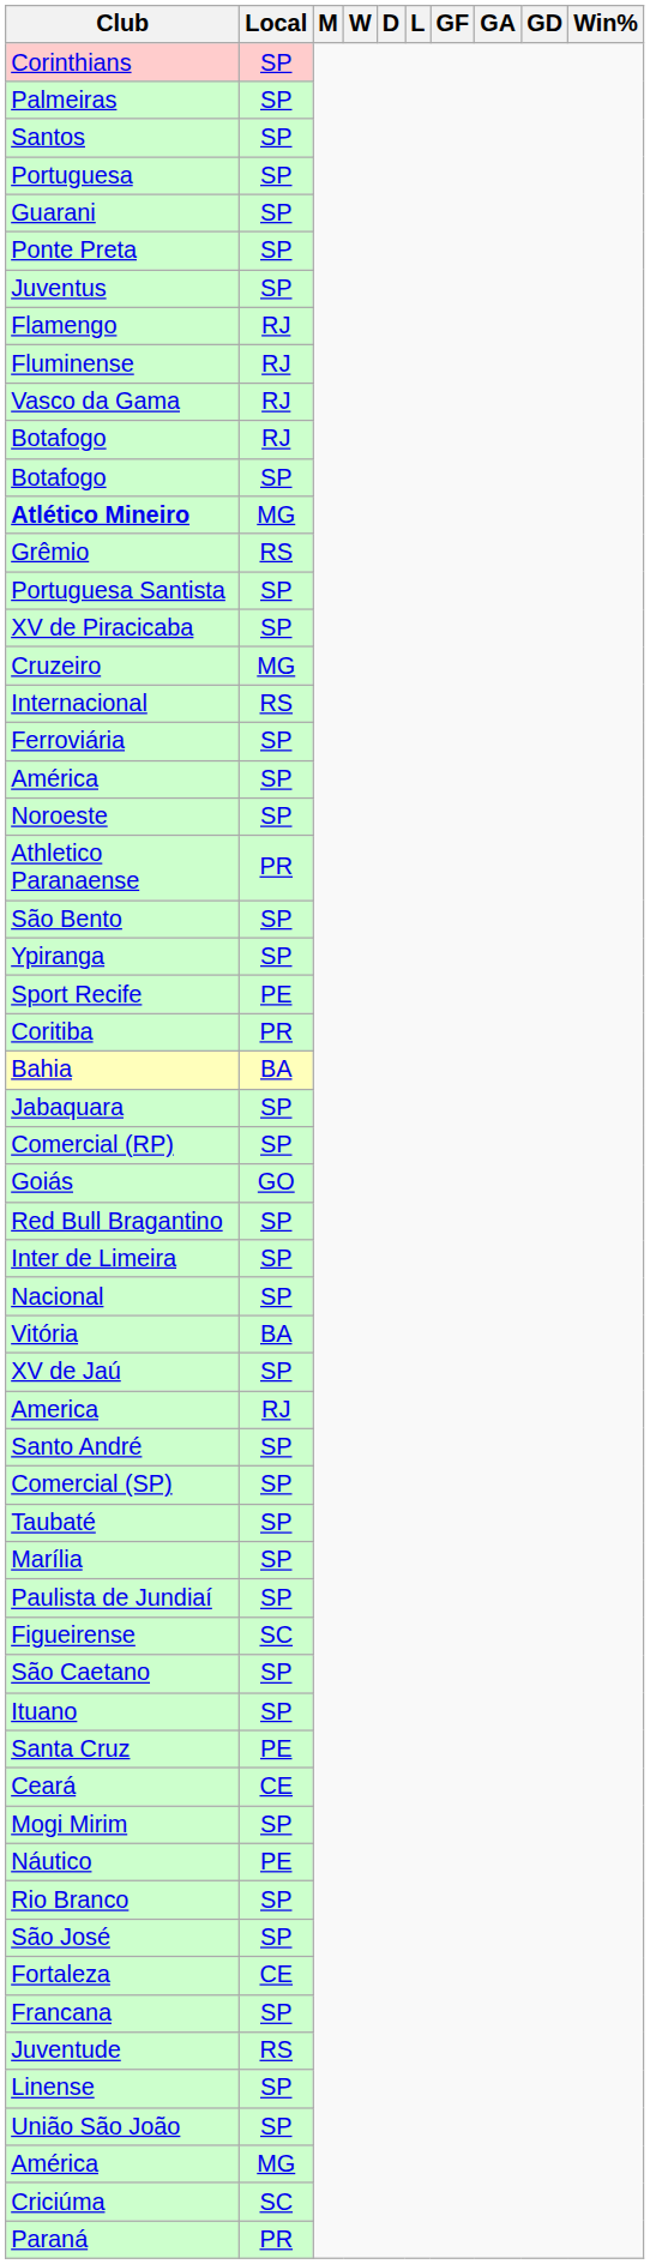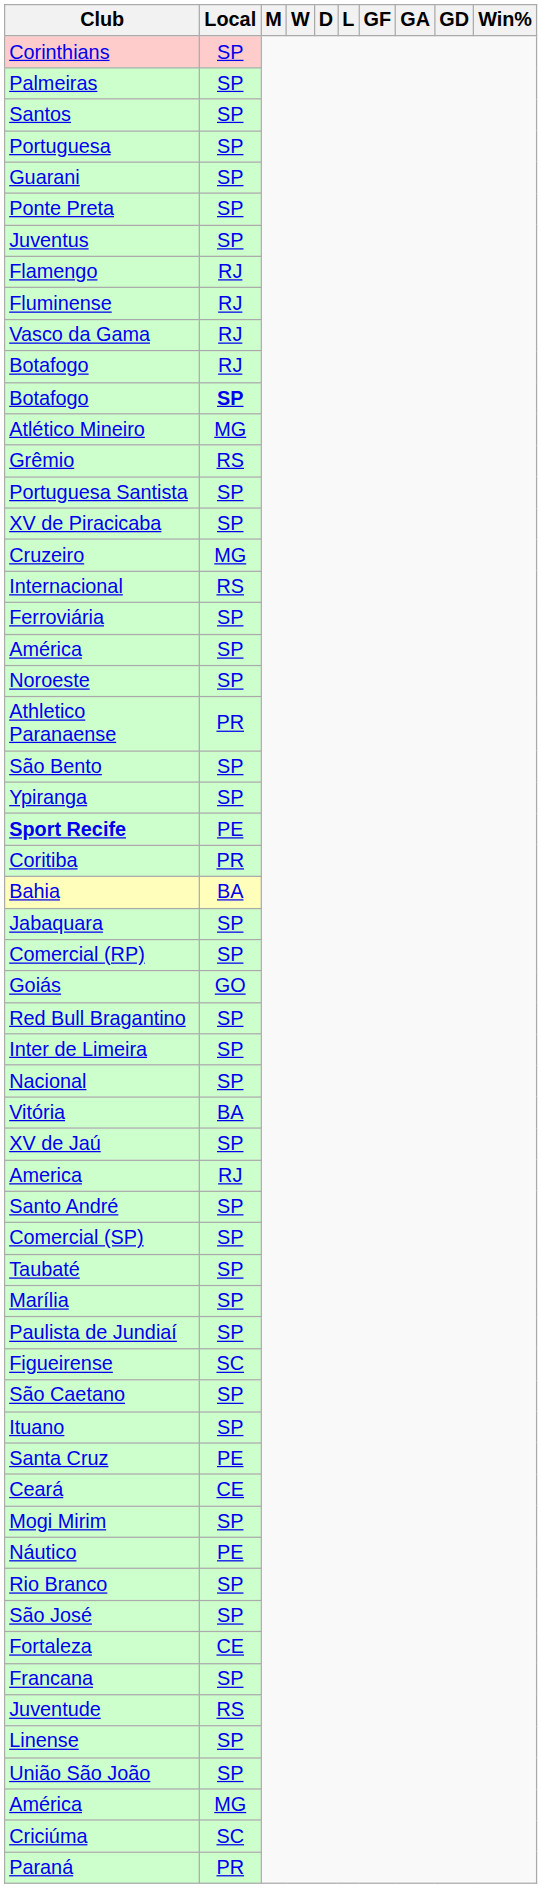 <table class="wikitable plainrowheaders sortable">
 <tr>
 <th width=150px scope="col">Club</th>
 <th scope="col">Local</th>
 <th scope="col">M</th>
 <th scope="col">W</th>
 <th scope="col">D</th>
 <th scope="col">L</th>
 <th scope="col">GF</th>
 <th scope="col">GA</th>
 <th scope="col">GD</th>
 <th scope="col">Win%</th>
 </tr>
 <tr style="background-color:#fcc">
 <td scope="row"><a href='#'>Corinthians</a> </td>
 <td align=center> <a href='#'>SP</a><br></td>
 </tr>
 <tr style="background-color:#cfc">
 <td scope="row"><a href='#'>Palmeiras</a> </td>
 <td align=center> <a href='#'>SP</a><br></td>
 </tr>
 <tr style="background-color:#cfc">
 <td scope="row"><a href='#'>Santos</a> </td>
 <td align=center> <a href='#'>SP</a><br></td>
 </tr>
 <tr style="background-color:#cfc">
 <td scope="row"><a href='#'>Portuguesa</a></td>
 <td align=center> <a href='#'>SP</a><br></td>
 </tr>
 <tr style="background-color:#cfc">
 <td scope="row"><a href='#'>Guarani</a></td>
 <td align=center> <a href='#'>SP</a><br></td>
 </tr>
 <tr style="background-color:#cfc">
 <td scope="row"><a href='#'>Ponte Preta</a></td>
 <td align=center> <a href='#'>SP</a><br></td>
 </tr>
 <tr style="background-color:#cfc">
 <td scope="row"><a href='#'>Juventus</a></td>
 <td align=center> <a href='#'>SP</a><br></td>
 </tr>
 <tr style="background-color:#cfc">
 <td scope="row"><a href='#'>Flamengo</a></td>
 <td align=center> <a href='#'>RJ</a><br></td>
 </tr>
 <tr style="background-color:#cfc">
 <td scope="row"><a href='#'>Fluminense</a></td>
 <td align=center> <a href='#'>RJ</a><br></td>
 </tr>
 <tr style="background-color:#cfc">
 <td scope="row"><a href='#'>Vasco da Gama</a></td>
 <td align=center> <a href='#'>RJ</a><br></td>
 </tr>
 <tr style="background-color:#cfc">
 <td scope="row"><a href='#'>Botafogo</a></td>
 <td align=center> <a href='#'>RJ</a><br></td>
 </tr>
 <tr style="background-color:#cfc">
 <td scope="row"><a href='#'>Botafogo</a></td>
-<td align=center> <a href='#'>SP</a><br></td>
+<td align=center><strong> <a href='#'>SP</a><br></strong></td>
 </tr>
 <tr style="background-color:#cfc">
-<td scope="row"><strong><a href='#'>Atlético Mineiro</a></strong></td>
+<td scope="row"><a href='#'>Atlético Mineiro</a></td>
 <td align=center> <a href='#'>MG</a><br></td>
 </tr>
 <tr style="background-color:#cfc">
 <td scope="row"><a href='#'>Grêmio</a></td>
 <td align=center> <a href='#'>RS</a><br></td>
 </tr>
 <tr style="background-color:#cfc">
 <td scope="row"><a href='#'>Portuguesa Santista</a></td>
 <td align=center> <a href='#'>SP</a><br></td>
 </tr>
 <tr style="background-color:#cfc">
 <td scope="row"><a href='#'>XV de Piracicaba</a></td>
 <td align=center> <a href='#'>SP</a><br></td>
 </tr>
 <tr style="background-color:#cfc">
 <td scope="row"><a href='#'>Cruzeiro</a></td>
 <td align=center> <a href='#'>MG</a><br></td>
 </tr>
 <tr style="background-color:#cfc">
 <td scope="row"><a href='#'>Internacional</a></td>
 <td align=center> <a href='#'>RS</a><br></td>
 </tr>
 <tr style="background-color:#cfc">
 <td scope="row"><a href='#'>Ferroviária</a></td>
 <td align=center> <a href='#'>SP</a><br></td>
 </tr>
 <tr style="background-color:#cfc">
 <td scope="row"><a href='#'>América</a></td>
 <td align=center> <a href='#'>SP</a><br></td>
 </tr>
 <tr style="background-color:#cfc">
 <td scope="row"><a href='#'>Noroeste</a></td>
 <td align=center> <a href='#'>SP</a><br></td>
 </tr>
 <tr style="background-color:#cfc">
 <td scope="row"><a href='#'>Athletico Paranaense</a></td>
 <td align=center> <a href='#'>PR</a><br></td>
 </tr>
 <tr style="background-color:#cfc">
 <td scope="row"><a href='#'>São Bento</a></td>
 <td align=center> <a href='#'>SP</a><br></td>
 </tr>
 <tr style="background-color:#cfc">
 <td scope="row"><a href='#'>Ypiranga</a></td>
 <td align=center> <a href='#'>SP</a><br></td>
 </tr>
 <tr style="background-color:#cfc">
-<td scope="row"><a href='#'>Sport Recife</a></td>
+<td scope="row"><strong><a href='#'>Sport Recife</a></strong></td>
 <td align=center> <a href='#'>PE</a><br></td>
 </tr>
 <tr style="background-color:#cfc">
 <td scope="row"><a href='#'>Coritiba</a></td>
 <td align=center> <a href='#'>PR</a><br></td>
 </tr>
 <tr style="background-color:#ffffbb">
 <td scope="row"><a href='#'>Bahia</a></td>
 <td align=center> <a href='#'>BA</a><br></td>
 </tr>
 <tr style="background-color:#cfc">
 <td scope="row"><a href='#'>Jabaquara</a></td>
 <td align=center> <a href='#'>SP</a><br></td>
 </tr>
 <tr style="background-color:#cfc">
 <td scope="row"><a href='#'>Comercial (RP)</a></td>
 <td align=center> <a href='#'>SP</a><br></td>
 </tr>
 <tr style="background-color:#cfc">
 <td scope="row"><a href='#'>Goiás</a></td>
 <td align=center> <a href='#'>GO</a><br></td>
 </tr>
 <tr style="background-color:#cfc">
 <td scope="row"><a href='#'>Red Bull Bragantino</a></td>
 <td align=center> <a href='#'>SP</a><br></td>
 </tr>
 <tr style="background-color:#cfc">
 <td scope="row"><a href='#'>Inter de Limeira</a></td>
 <td align=center> <a href='#'>SP</a><br></td>
 </tr>
 <tr style="background-color:#cfc">
 <td scope="row"><a href='#'>Nacional</a></td>
 <td align=center> <a href='#'>SP</a><br></td>
 </tr>
 <tr style="background-color:#cfc">
 <td scope="row"><a href='#'>Vitória</a></td>
 <td align=center> <a href='#'>BA</a><br></td>
 </tr>
 <tr style="background-color:#cfc">
 <td scope="row"><a href='#'>XV de Jaú</a></td>
 <td align=center> <a href='#'>SP</a><br></td>
 </tr>
 <tr style="background-color:#cfc">
 <td scope="row"><a href='#'>America</a></td>
 <td align=center> <a href='#'>RJ</a><br></td>
 </tr>
 <tr style="background-color:#cfc">
 <td scope="row"><a href='#'>Santo André</a></td>
 <td align=center> <a href='#'>SP</a><br></td>
 </tr>
 <tr style="background-color:#cfc">
 <td scope="row"><a href='#'>Comercial (SP)</a></td>
 <td align=center> <a href='#'>SP</a><br></td>
 </tr>
 <tr style="background-color:#cfc">
 <td scope="row"><a href='#'>Taubaté</a></td>
 <td align=center> <a href='#'>SP</a><br></td>
 </tr>
 <tr style="background-color:#cfc">
 <td scope="row"><a href='#'>Marília</a></td>
 <td align=center> <a href='#'>SP</a><br></td>
 </tr>
 <tr style="background-color:#cfc">
 <td scope="row"><a href='#'>Paulista de Jundiaí</a></td>
 <td align=center> <a href='#'>SP</a><br></td>
 </tr>
 <tr style="background-color:#cfc">
 <td scope="row"><a href='#'>Figueirense</a></td>
 <td align=center> <a href='#'>SC</a><br></td>
 </tr>
 <tr style="background-color:#cfc">
 <td scope="row"><a href='#'>São Caetano</a></td>
 <td align=center> <a href='#'>SP</a><br></td>
 </tr>
 <tr style="background-color:#cfc">
 <td scope="row"><a href='#'>Ituano</a></td>
 <td align=center> <a href='#'>SP</a><br></td>
 </tr>
 <tr style="background-color:#cfc">
 <td scope="row"><a href='#'>Santa Cruz</a></td>
 <td align=center> <a href='#'>PE</a><br></td>
 </tr>
 <tr style="background-color:#cfc">
 <td scope="row"><a href='#'>Ceará</a></td>
 <td align=center> <a href='#'>CE</a><br></td>
 </tr>
 <tr style="background-color:#cfc">
 <td scope="row"><a href='#'>Mogi Mirim</a></td>
 <td align=center> <a href='#'>SP</a><br></td>
 </tr>
 <tr style="background-color:#cfc">
 <td scope="row"><a href='#'>Náutico</a></td>
 <td align=center> <a href='#'>PE</a><br></td>
 </tr>
 <tr style="background-color:#cfc">
 <td scope="row"><a href='#'>Rio Branco</a></td>
 <td align=center> <a href='#'>SP</a><br></td>
 </tr>
 <tr style="background-color:#cfc">
 <td scope="row"><a href='#'>São José</a></td>
 <td align=center> <a href='#'>SP</a><br></td>
 </tr>
 <tr style="background-color:#cfc">
 <td scope="row"><a href='#'>Fortaleza</a></td>
 <td align=center> <a href='#'>CE</a><br></td>
 </tr>
 <tr style="background-color:#cfc">
 <td scope="row"><a href='#'>Francana</a></td>
 <td align=center> <a href='#'>SP</a><br></td>
 </tr>
 <tr style="background-color:#cfc">
 <td scope="row"><a href='#'>Juventude</a></td>
 <td align=center> <a href='#'>RS</a><br></td>
 </tr>
 <tr style="background-color:#cfc">
 <td scope="row"><a href='#'>Linense</a></td>
 <td align=center> <a href='#'>SP</a><br></td>
 </tr>
 <tr style="background-color:#cfc">
 <td scope="row"><a href='#'>União São João</a></td>
 <td align=center> <a href='#'>SP</a><br></td>
 </tr>
 <tr style="background-color:#cfc">
 <td scope="row"><a href='#'>América</a></td>
 <td align=center> <a href='#'>MG</a><br></td>
 </tr>
 <tr style="background-color:#cfc">
 <td scope="row"><a href='#'>Criciúma</a></td>
 <td align=center> <a href='#'>SC</a><br></td>
 </tr>
 <tr style="background-color:#cfc">
 <td scope="row"><a href='#'>Paraná</a></td>
 <td align=center> <a href='#'>PR</a><br></td>
 </tr>
 </table>
